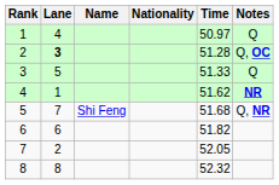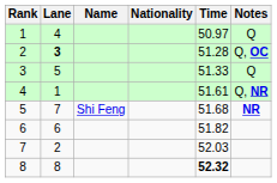 <table class="wikitable sortable" style="text-align:center">
 <tr>
 <th>Rank</th>
 <th>Lane</th>
 <th>Name</th>
 <th>Nationality</th>
 <th>Time</th>
 <th class="unsortable">Notes</th>
 </tr>
 <tr bgcolor="#ccffcc">
 <td>1</td>
 <td>4</td>
 <td align="left"></td>
 <td align="left"></td>
 <td>50.97</td>
 <td>Q</td>
 </tr>
 <tr bgcolor="#ccffcc">
 <td>2</td>
 <td><strong>3</strong></td>
 <td align="left"></td>
 <td align="left"></td>
 <td>51.28</td>
 <td>Q,  <strong><a href='#'>OC</a></strong></td>
 </tr>
 <tr bgcolor="#ccffcc">
 <td>3</td>
 <td>5</td>
 <td align="left"></td>
 <td align="left"></td>
 <td>51.33</td>
 <td>Q</td>
 </tr>
 <tr bgcolor="#ccffcc">
 <td>4</td>
 <td>1</td>
 <td align="left"></td>
 <td align="left"></td>
-<td>51.62</td>
-<td><strong><a href='#'>NR</a></strong></td>
+<td>51.61</td>
+<td>Q, <strong><a href='#'>NR</a></strong></td>
 </tr>
 <tr>
 <td>5</td>
 <td>7</td>
 <td align="left"><a href='#'>Shi Feng</a></td>
 <td align="left"></td>
 <td>51.68</td>
-<td>Q, <strong><a href='#'>NR</a></strong></td>
+<td><strong><a href='#'>NR</a></strong></td>
 </tr>
 <tr>
 <td>6</td>
 <td>6</td>
 <td align="left"></td>
 <td align="left"></td>
 <td>51.82</td>
 <td></td>
 </tr>
 <tr>
 <td>7</td>
 <td>2</td>
 <td align="left"></td>
 <td align="left"></td>
-<td>52.05</td>
+<td>52.03</td>
 <td></td>
 </tr>
 <tr>
 <td>8</td>
 <td>8</td>
 <td align="left"></td>
 <td align="left"></td>
-<td>52.32</td>
+<td><strong>52.32</strong></td>
 <td></td>
 </tr>
 </table>
